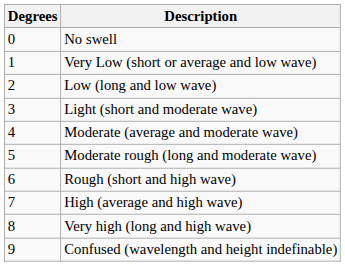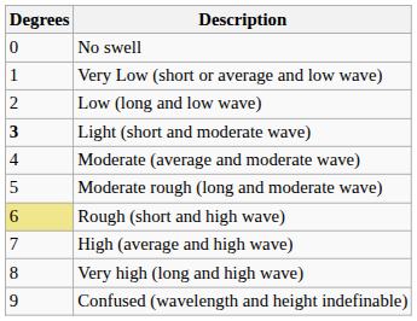 <table class="wikitable">
 <tr>
 <th>Degrees</th>
 <th>Description</th>
 </tr>
 <tr>
 <td>0</td>
 <td>No swell</td>
 </tr>
 <tr>
 <td>1</td>
 <td>Very Low (short or average and low wave)</td>
 </tr>
 <tr>
 <td>2</td>
 <td>Low (long and low wave)</td>
 </tr>
 <tr>
-<td>3</td>
+<td><strong>3</strong></td>
 <td>Light (short and moderate wave)</td>
 </tr>
 <tr>
 <td>4</td>
 <td>Moderate (average and moderate wave)</td>
 </tr>
 <tr>
 <td>5</td>
 <td>Moderate rough (long and moderate wave)</td>
 </tr>
 <tr>
-<td>6</td>
+<td style="background: khaki;">6</td>
 <td>Rough (short and high wave)</td>
 </tr>
 <tr>
 <td>7</td>
 <td>High (average and high wave)</td>
 </tr>
 <tr>
 <td>8</td>
 <td>Very high (long and high wave)</td>
 </tr>
 <tr>
 <td>9</td>
 <td>Confused (wavelength and height indefinable)</td>
 </tr>
 </table>
